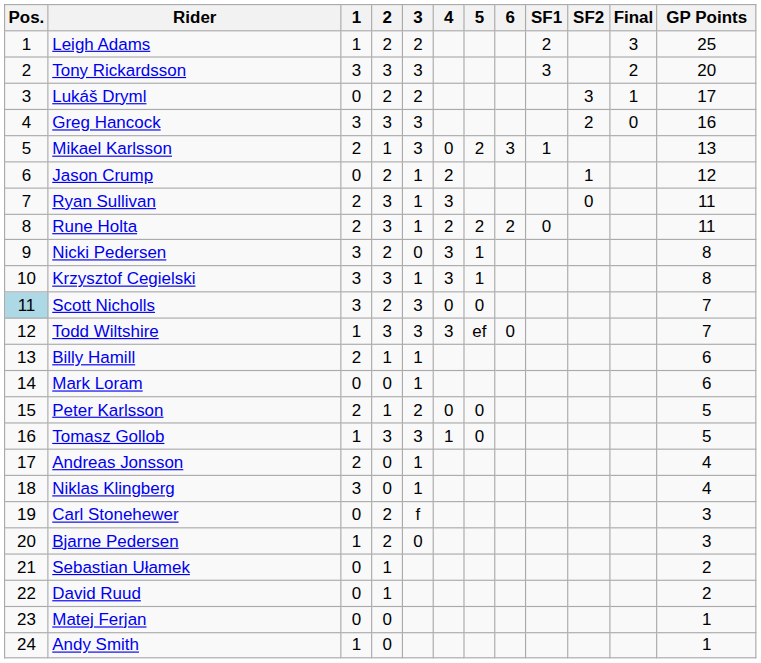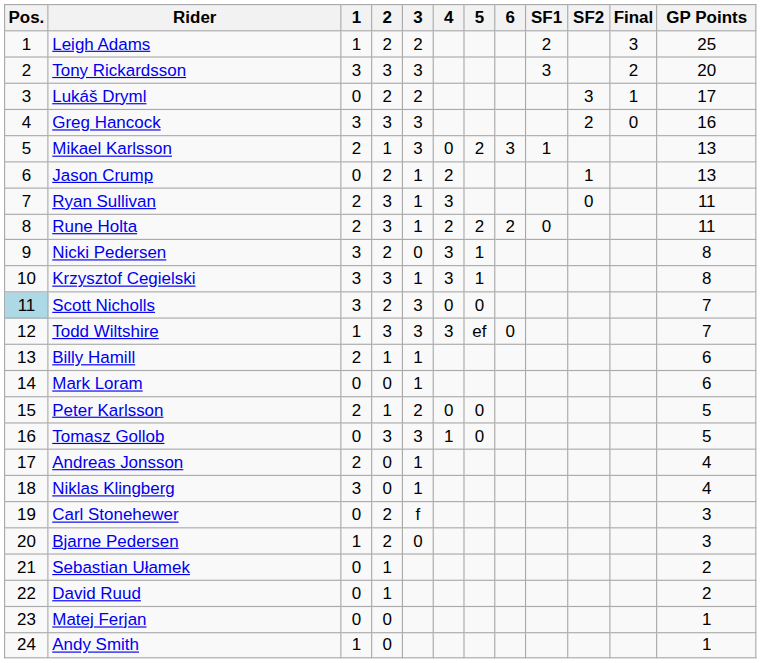 <table class=wikitable style="font-size:93%;">
 <tr>
 <th width=25px>Pos.</th>
 <th width=250px>Rider</th>
 <th width=20px>1</th>
 <th width=20px>2</th>
 <th width=20px>3</th>
 <th width=20px>4</th>
 <th width=20px>5</th>
 <th width=20px>6</th>
 <th width=30px>SF1</th>
 <th width=30px>SF2</th>
 <th width=30px>Final</th>
 <th width=80px>GP Points</th>
 </tr>
 <tr align=center style="background-color:">
 <td>1</td>
 <td align=left> <a href='#'>Leigh Adams</a></td>
 <td>1</td>
 <td>2</td>
 <td>2</td>
 <td></td>
 <td></td>
 <td></td>
 <td>  2</td>
 <td></td>
 <td>3</td>
 <td>25</td>
 </tr>
 <tr align=center style="background-color:">
 <td>2</td>
 <td align=left> <a href='#'>Tony Rickardsson</a></td>
 <td>3</td>
 <td>3</td>
 <td>3</td>
 <td></td>
 <td></td>
 <td></td>
 <td> 3</td>
 <td></td>
 <td>2</td>
 <td>20</td>
 </tr>
 <tr align=center style="background-color:">
 <td>3</td>
 <td align=left> <a href='#'>Lukáš Dryml</a></td>
 <td>0</td>
 <td>2</td>
 <td>2</td>
 <td></td>
 <td></td>
 <td></td>
 <td></td>
 <td>3</td>
 <td>1</td>
 <td>17</td>
 </tr>
 <tr align=center>
 <td>4</td>
 <td align=left> <a href='#'>Greg Hancock</a></td>
 <td>3</td>
 <td>3</td>
 <td>3</td>
 <td></td>
 <td></td>
 <td></td>
 <td></td>
 <td>2</td>
 <td>0</td>
 <td>16</td>
 </tr>
 <tr align=center>
 <td>5</td>
 <td align=left> <a href='#'>Mikael Karlsson</a></td>
 <td>2</td>
 <td>1</td>
 <td>3</td>
 <td>0</td>
 <td>2</td>
 <td>3</td>
 <td>1</td>
 <td></td>
 <td></td>
 <td>13</td>
 </tr>
 <tr align=center>
 <td>6</td>
 <td align=left> <a href='#'>Jason Crump</a></td>
 <td>0</td>
 <td>2</td>
 <td>1</td>
 <td>2</td>
 <td></td>
 <td></td>
 <td></td>
 <td>1</td>
 <td></td>
-<td>12</td>
+<td>13</td>
 </tr>
 <tr align=center>
 <td>7</td>
 <td align=left> <a href='#'>Ryan Sullivan</a></td>
 <td>2</td>
 <td>3</td>
 <td>1</td>
 <td>3</td>
 <td></td>
 <td></td>
 <td></td>
 <td>0</td>
 <td></td>
 <td>11</td>
 </tr>
 <tr align=center>
 <td>8</td>
 <td align=left> <a href='#'>Rune Holta</a></td>
 <td>2</td>
 <td>3</td>
 <td>1</td>
 <td>2</td>
 <td>2</td>
 <td>2</td>
 <td>0</td>
 <td></td>
 <td></td>
 <td>11</td>
 </tr>
 <tr align=center>
 <td>9</td>
 <td align=left> <a href='#'>Nicki Pedersen</a></td>
 <td>3</td>
 <td>2</td>
 <td>0</td>
 <td>3</td>
 <td>1</td>
 <td></td>
 <td></td>
 <td></td>
 <td></td>
 <td>8</td>
 </tr>
 <tr align=center>
 <td>10</td>
 <td align=left> <a href='#'>Krzysztof Cegielski</a></td>
 <td>3</td>
 <td>3</td>
 <td>1</td>
 <td>3</td>
 <td>1</td>
 <td></td>
 <td></td>
 <td></td>
 <td></td>
 <td>8</td>
 </tr>
 <tr align=center>
 <td style="background: lightblue;">11</td>
 <td align=left> <a href='#'>Scott Nicholls</a></td>
 <td>3</td>
 <td>2</td>
 <td>3</td>
 <td>0</td>
 <td>0</td>
 <td></td>
 <td></td>
 <td></td>
 <td></td>
 <td>7</td>
 </tr>
 <tr align=center>
 <td>12</td>
 <td align=left> <a href='#'>Todd Wiltshire</a></td>
 <td>1</td>
 <td>3</td>
 <td>3</td>
 <td>3</td>
 <td>ef</td>
 <td>0</td>
 <td></td>
 <td></td>
 <td></td>
 <td>7</td>
 </tr>
 <tr align=center>
 <td>13</td>
 <td align=left> <a href='#'>Billy Hamill</a></td>
 <td>2</td>
 <td>1</td>
 <td>1</td>
 <td></td>
 <td></td>
 <td></td>
 <td></td>
 <td></td>
 <td></td>
 <td>6</td>
 </tr>
 <tr align=center>
 <td>14</td>
 <td align=left> <a href='#'>Mark Loram</a></td>
 <td>0</td>
 <td>0</td>
 <td>1</td>
 <td></td>
 <td></td>
 <td></td>
 <td></td>
 <td></td>
 <td></td>
 <td>6</td>
 </tr>
 <tr align=center>
 <td>15</td>
 <td align=left> <a href='#'>Peter Karlsson</a></td>
 <td>2</td>
 <td>1</td>
 <td>2</td>
 <td>0</td>
 <td>0</td>
 <td></td>
 <td></td>
 <td></td>
 <td></td>
 <td>5</td>
 </tr>
 <tr align=center>
 <td>16</td>
 <td align=left> <a href='#'>Tomasz Gollob</a></td>
-<td>1</td>
+<td>0</td>
 <td>3</td>
 <td>3</td>
 <td>1</td>
 <td>0</td>
 <td></td>
 <td></td>
 <td></td>
 <td></td>
 <td>5</td>
 </tr>
 <tr align=center>
 <td>17</td>
 <td align=left> <a href='#'>Andreas Jonsson</a></td>
 <td>2</td>
 <td>0</td>
 <td>1</td>
 <td></td>
 <td></td>
 <td></td>
 <td></td>
 <td></td>
 <td></td>
 <td>4</td>
 </tr>
 <tr align=center>
 <td>18</td>
 <td align=left> <a href='#'>Niklas Klingberg</a></td>
 <td>3</td>
 <td>0</td>
 <td>1</td>
 <td></td>
 <td></td>
 <td></td>
 <td></td>
 <td></td>
 <td></td>
 <td>4</td>
 </tr>
 <tr align=center>
 <td>19</td>
 <td align=left> <a href='#'>Carl Stonehewer</a></td>
 <td>0</td>
 <td>2</td>
 <td>f</td>
 <td></td>
 <td></td>
 <td></td>
 <td></td>
 <td></td>
 <td></td>
 <td>3</td>
 </tr>
 <tr align=center>
 <td>20</td>
 <td align=left> <a href='#'>Bjarne Pedersen</a></td>
 <td>1</td>
 <td>2</td>
 <td>0</td>
 <td></td>
 <td></td>
 <td></td>
 <td></td>
 <td></td>
 <td></td>
 <td>3</td>
 </tr>
 <tr align=center>
 <td>21</td>
 <td align=left> <a href='#'>Sebastian Ułamek</a></td>
 <td>0</td>
 <td>1</td>
 <td></td>
 <td></td>
 <td></td>
 <td></td>
 <td></td>
 <td></td>
 <td></td>
 <td>2</td>
 </tr>
 <tr align=center>
 <td>22</td>
 <td align=left> <a href='#'>David Ruud</a></td>
 <td>0</td>
 <td>1</td>
 <td></td>
 <td></td>
 <td></td>
 <td></td>
 <td></td>
 <td></td>
 <td></td>
 <td>2</td>
 </tr>
 <tr align=center>
 <td>23</td>
 <td align=left> <a href='#'>Matej Ferjan</a></td>
 <td>0</td>
 <td>0</td>
 <td></td>
 <td></td>
 <td></td>
 <td></td>
 <td></td>
 <td></td>
 <td></td>
 <td>1</td>
 </tr>
 <tr align=center>
 <td>24</td>
 <td align=left> <a href='#'>Andy Smith</a></td>
 <td>1</td>
 <td>0</td>
 <td></td>
 <td></td>
 <td></td>
 <td></td>
 <td></td>
 <td></td>
 <td></td>
 <td>1</td>
 </tr>
 </table>
